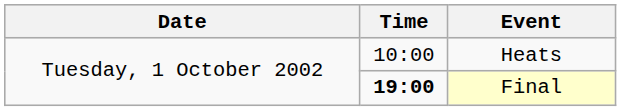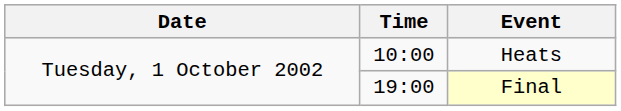 <table class = "wikitable" style="text-align:center;">
 <tr>
 <th width=220>Date</th>
 <th width=50>Time</th>
 <th width=100>Event</th>
 </tr>
 <tr>
 <td rowspan=2>Tuesday, 1 October 2002</td>
 <td>10:00</td>
 <td>Heats</td>
 </tr>
 <tr>
-<td><strong>19:00</strong></td>
+<td>19:00</td>
 <td bgcolor=ffffcc>Final</td>
 </tr>
 </table>
